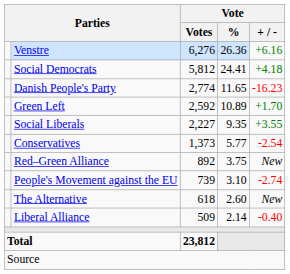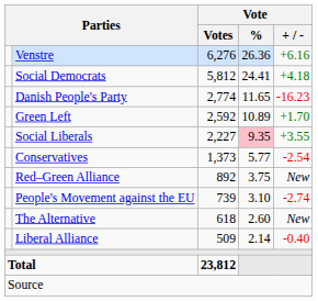 <table class="wikitable" style="text-align:right;">
 <tr>
 <th style="text-align:centre;" rowspan="2" colspan="2" width="225">Parties</th>
 <th colspan="3">Vote</th>
 </tr>
 <tr>
 <th width="15">Votes</th>
 <th width="15">%</th>
 <th width="15">+ / -</th>
 </tr>
 <tr>
 <td width="2" style="color:inherit;background:"></td>
 <td bgcolor=#cfe5fe   align="left"><a href='#'>Venstre</a></td>
 <td bgcolor=#cfe5fe>6,276</td>
 <td bgcolor=#cfe5fe>26.36</td>
 <td style=color:green;>+6.16</td>
 </tr>
 <tr>
 <td width="2" style="color:inherit;background:"></td>
 <td align="left"><a href='#'>Social Democrats</a></td>
 <td>5,812</td>
 <td>24.41</td>
 <td style=color:green;>+4.18</td>
 </tr>
 <tr>
 <td width="2" style="color:inherit;background:"></td>
 <td align="left"><a href='#'>Danish People's Party</a></td>
 <td>2,774</td>
 <td>11.65</td>
 <td style=color:red;>-16.23</td>
 </tr>
 <tr>
 <td width="2" style="color:inherit;background:"></td>
 <td align="left"><a href='#'>Green Left</a></td>
 <td>2,592</td>
 <td>10.89</td>
 <td style=color:green;>+1.70</td>
 </tr>
 <tr>
 <td width="2" style="color:inherit;background:"></td>
 <td align="left"><a href='#'>Social Liberals</a></td>
 <td>2,227</td>
-<td>9.35</td>
+<td style="background: pink;">9.35</td>
 <td style=color:green;>+3.55</td>
 </tr>
 <tr>
 <td width="2" style="color:inherit;background:"></td>
 <td align="left"><a href='#'>Conservatives</a></td>
 <td>1,373</td>
 <td>5.77</td>
 <td style=color:red;>-2.54</td>
 </tr>
 <tr>
 <td width="2" style="color:inherit;background:"></td>
 <td align="left"><a href='#'>Red–Green Alliance</a></td>
 <td>892</td>
 <td>3.75</td>
 <td><em>New</em></td>
 </tr>
 <tr>
 <td width="2" style="color:inherit;background:"></td>
 <td align="left"><a href='#'>People's Movement against the EU</a></td>
 <td>739</td>
 <td>3.10</td>
 <td style=color:red;>-2.74</td>
 </tr>
 <tr>
 <td width="2" style="color:inherit;background:"></td>
 <td align="left"><a href='#'>The Alternative</a></td>
 <td>618</td>
 <td>2.60</td>
 <td><em>New</em></td>
 </tr>
 <tr>
 <td width="2" style="color:inherit;background:"></td>
 <td align="left"><a href='#'>Liberal Alliance</a></td>
 <td>509</td>
 <td>2.14</td>
 <td style=color:red;>-0.40</td>
 </tr>
 <tr>
 <td colspan="7" bgcolor="#E9E9E9"></td>
 </tr>
 <tr>
 <td align="left" colspan="2"><strong>Total</strong></td>
 <td><strong>23,812</strong></td>
 <td bgcolor="#E9E9E9" colspan="2"></td>
 </tr>
 <tr>
 <td align="left" colspan="6">Source</td>
 </tr>
 </table>
